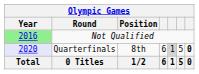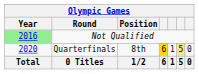 <table class="wikitable" style="text-align: center;">
 <tr>
 <th colspan=10><a href='#'>Olympic Games</a></th>
 </tr>
 <tr>
 <th style="width:5.5em;">Year</th>
 <th style="width:7em;">Round</th>
 <th>Position</th>
 <th></th>
 <th></th>
 <th></th>
 <th></th>
 </tr>
 <tr>
 <td style="background: lightgreen;"> <a href='#'>2016</a></td>
 <td colspan=6 align=center><em>Not Qualified</em></td>
 </tr>
 <tr>
-<td style="background: lavender;"> <a href='#'>2020</a></td>
+<td> <a href='#'>2020</a></td>
 <td>Quarterfinals</td>
 <td>8th</td>
-<td>6</td>
-<td style="background: lightgrey;">1</td>
-<td>5</td>
-<td><strong>0</strong></td>
+<td style="background: gold;">6</td>
+<td>1</td>
+<td style="background: khaki;">5</td>
+<td>0</td>
 </tr>
 <tr>
 <th>Total</th>
 <th>0 Titles</th>
 <th>1/2</th>
 <th>6</th>
 <th>1</th>
 <th>5</th>
 <th>0</th>
 </tr>
 </table>
